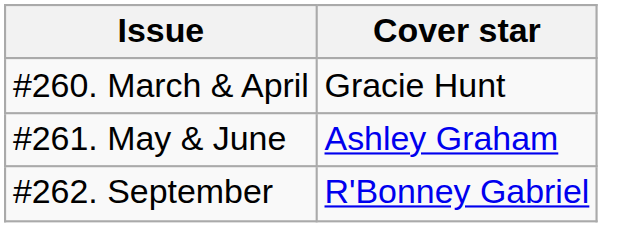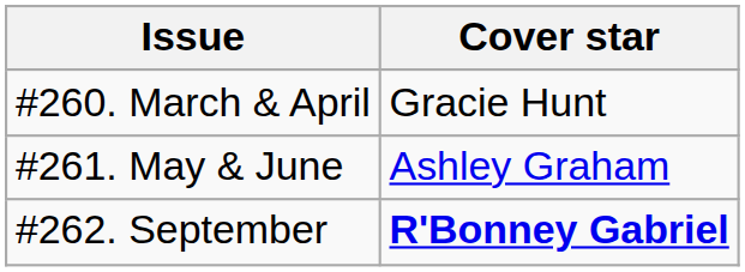 <table class="sortable wikitable">
 <tr>
 <th>Issue</th>
 <th>Cover star</th>
 </tr>
 <tr>
 <td>#260. March & April</td>
 <td>Gracie Hunt</td>
 </tr>
 <tr>
 <td>#261. May & June</td>
 <td><a href='#'>Ashley Graham</a></td>
 </tr>
 <tr>
 <td>#262. September</td>
-<td><a href='#'>R'Bonney Gabriel</a></td>
+<td><strong><a href='#'>R'Bonney Gabriel</a></strong></td>
 </tr>
 </table>
